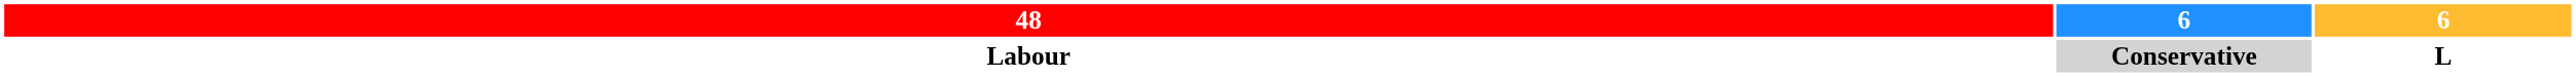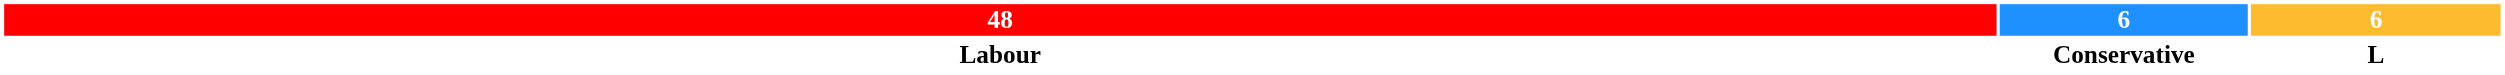 <table style="width:100%; text-align:center;">
 <tr style="color:white;">
 <td style="background:red; width:80%;"><strong>48</strong></td>
 <td style="background:dodgerblue; width:10%;"><strong>6</strong></td>
 <td style="background:#FDBB30; width:10%;"><strong>6</strong></td>
 </tr>
 <tr>
 <td><span><strong>Labour</strong></span></td>
-<td style="background: lightgrey;"><span><strong>Conservative</strong></span></td>
+<td><span><strong>Conservative</strong></span></td>
 <td><span><strong>L</strong></span></td>
 </tr>
 </table>
